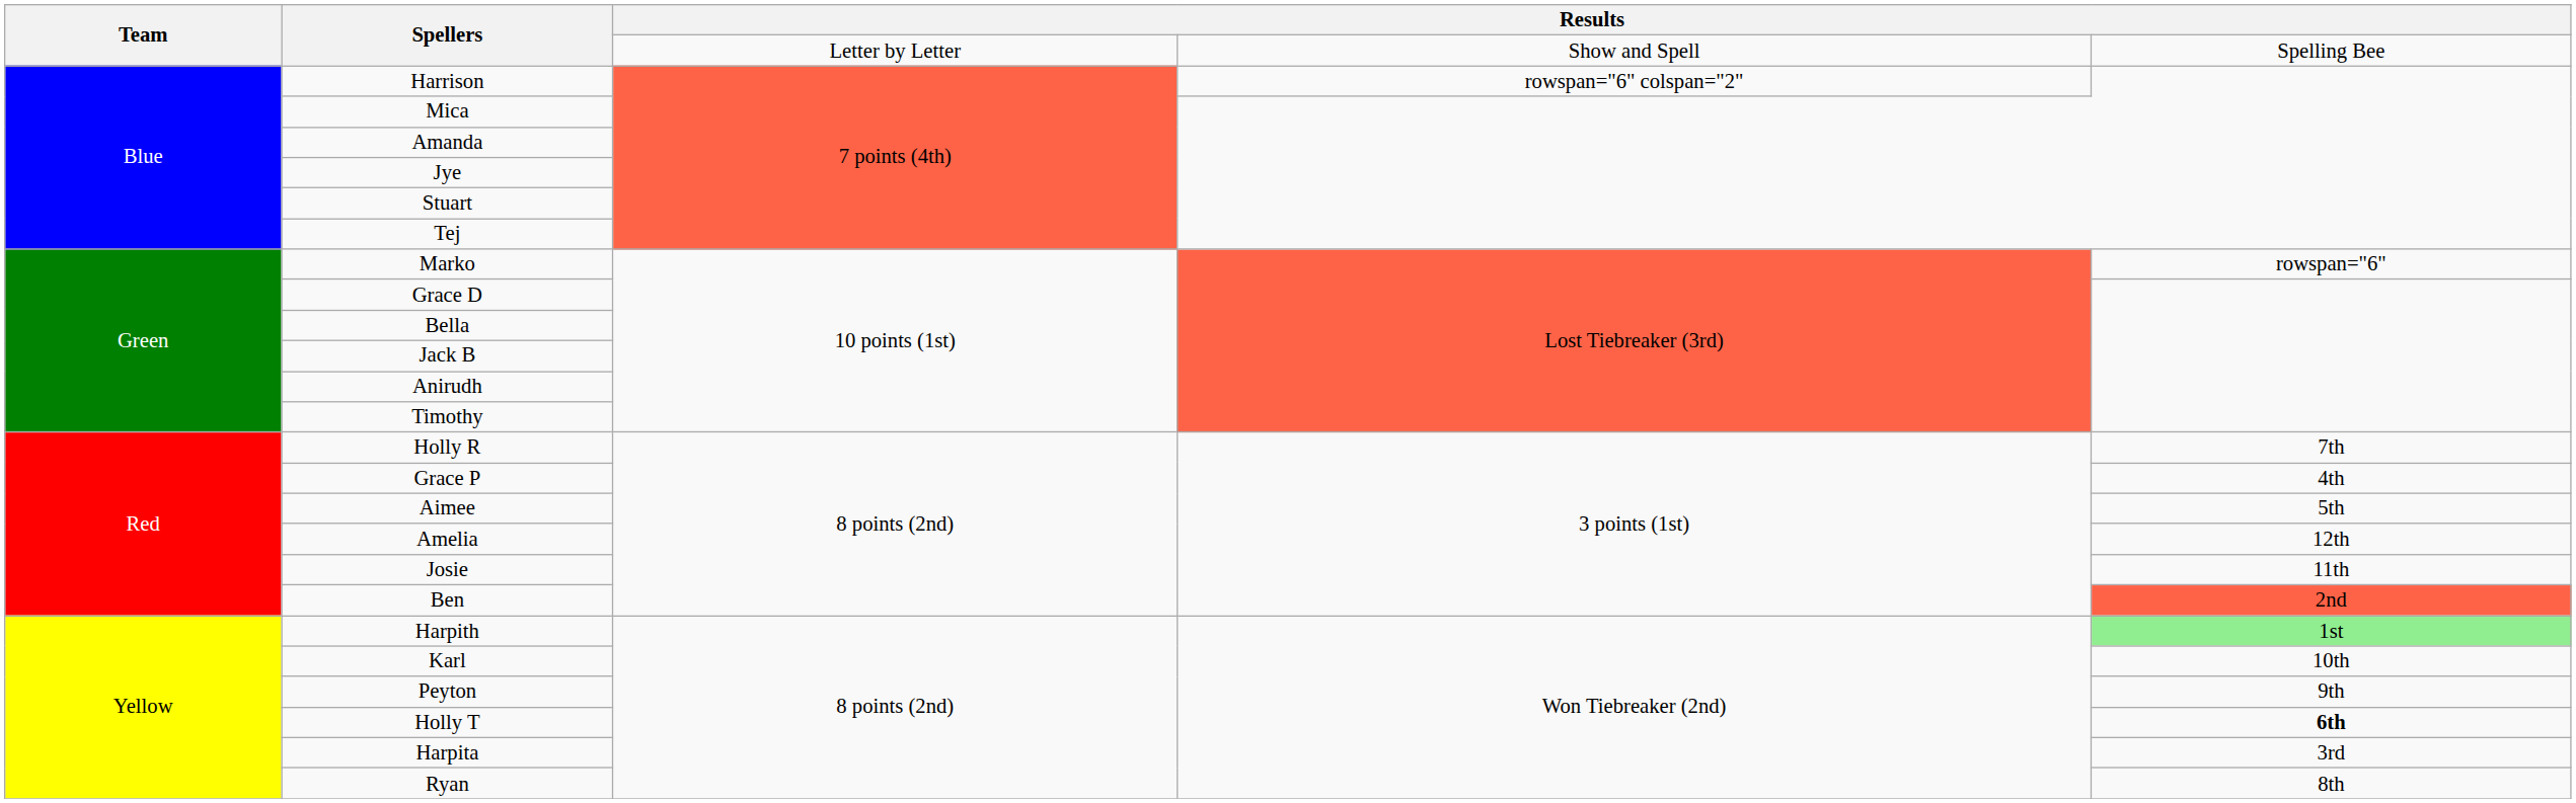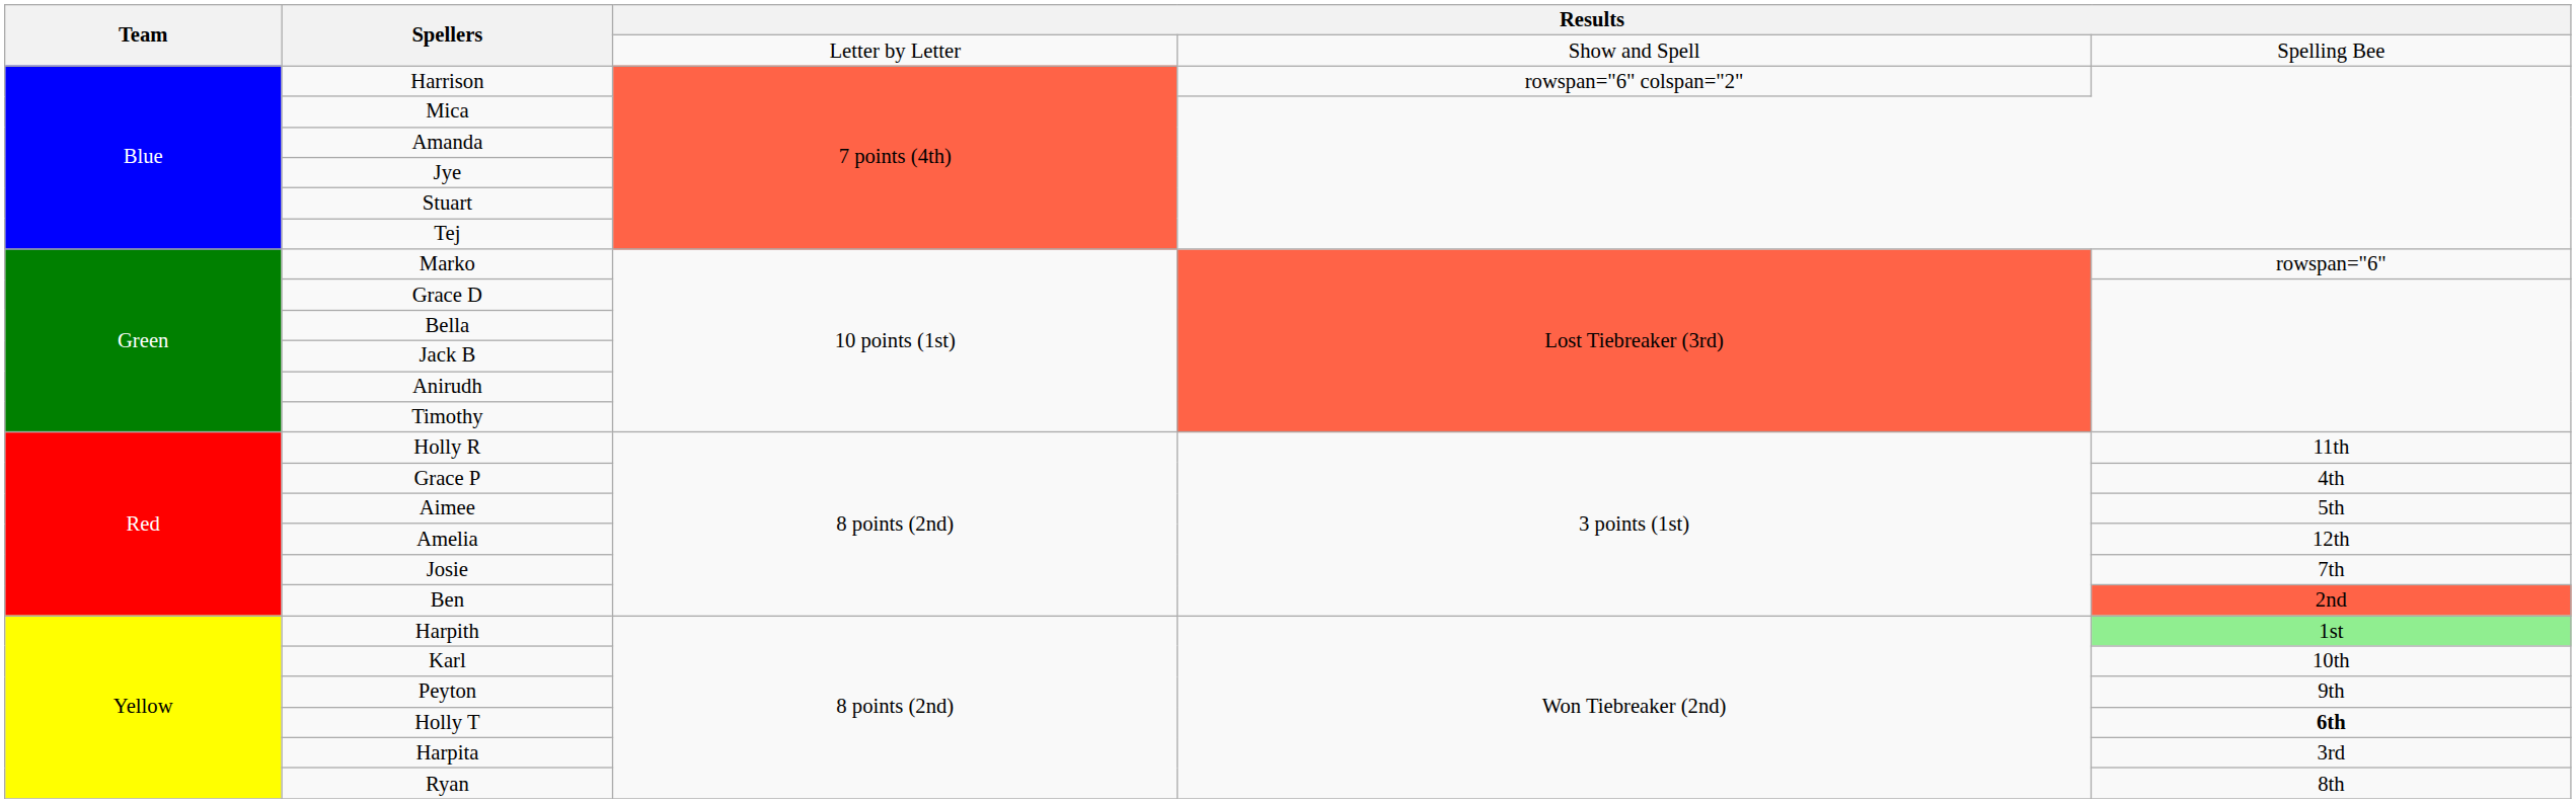 <table class="wikitable plainrowheaders" style="text-align:center; line-height:16px; width:99%;">
 <tr>
 <th rowspan="2">Team</th>
 <th rowspan="2">Spellers</th>
 <th colspan="3">Results</th>
 </tr>
 <tr>
 <td>Letter by Letter</td>
 <td>Show and Spell</td>
 <td>Spelling Bee</td>
 </tr>
 <tr>
 <td rowspan="6" style="background: blue; color: white;">Blue</td>
 <td>Harrison</td>
 <td rowspan="6" style="background: tomato; color: black;">7 points (4th)</td>
 <td>rowspan="6" colspan="2" </td>
 </tr>
 <tr>
 <td>Mica</td>
 </tr>
 <tr>
 <td>Amanda</td>
 </tr>
 <tr>
 <td>Jye</td>
 </tr>
 <tr>
 <td>Stuart</td>
 </tr>
 <tr>
 <td>Tej</td>
 </tr>
 <tr>
 <td rowspan="6" style="background: green; color: white;">Green</td>
 <td>Marko</td>
 <td rowspan="6">10 points (1st)</td>
 <td rowspan="6" style="background: tomato; color: black;">Lost Tiebreaker (3rd)</td>
 <td>rowspan="6" </td>
 </tr>
 <tr>
 <td>Grace D</td>
 </tr>
 <tr>
 <td>Bella</td>
 </tr>
 <tr>
 <td>Jack B</td>
 </tr>
 <tr>
 <td>Anirudh</td>
 </tr>
 <tr>
 <td>Timothy</td>
 </tr>
 <tr>
 <td rowspan="6" style="background: red; color: white;">Red</td>
 <td>Holly R</td>
 <td rowspan="6">8 points (2nd)</td>
 <td rowspan="6">3 points (1st)</td>
-<td>7th</td>
+<td>11th</td>
 </tr>
 <tr>
 <td>Grace P</td>
 <td>4th</td>
 </tr>
 <tr>
 <td>Aimee</td>
 <td>5th</td>
 </tr>
 <tr>
 <td>Amelia</td>
 <td>12th</td>
 </tr>
 <tr>
 <td>Josie</td>
-<td>11th</td>
+<td>7th</td>
 </tr>
 <tr>
 <td>Ben</td>
 <td style="background: tomato; color: black;">2nd</td>
 </tr>
 <tr>
 <td rowspan="6" style="background: yellow; color: black;">Yellow</td>
 <td>Harpith</td>
 <td rowspan="6">8 points (2nd)</td>
 <td rowspan="6">Won Tiebreaker (2nd)</td>
 <td style="background: lightgreen; color: black;">1st</td>
 </tr>
 <tr>
 <td>Karl</td>
 <td>10th</td>
 </tr>
 <tr>
 <td>Peyton</td>
 <td>9th</td>
 </tr>
 <tr>
 <td>Holly T</td>
 <td><strong>6th</strong></td>
 </tr>
 <tr>
 <td>Harpita</td>
 <td>3rd</td>
 </tr>
 <tr>
 <td>Ryan</td>
 <td>8th</td>
 </tr>
 </table>
